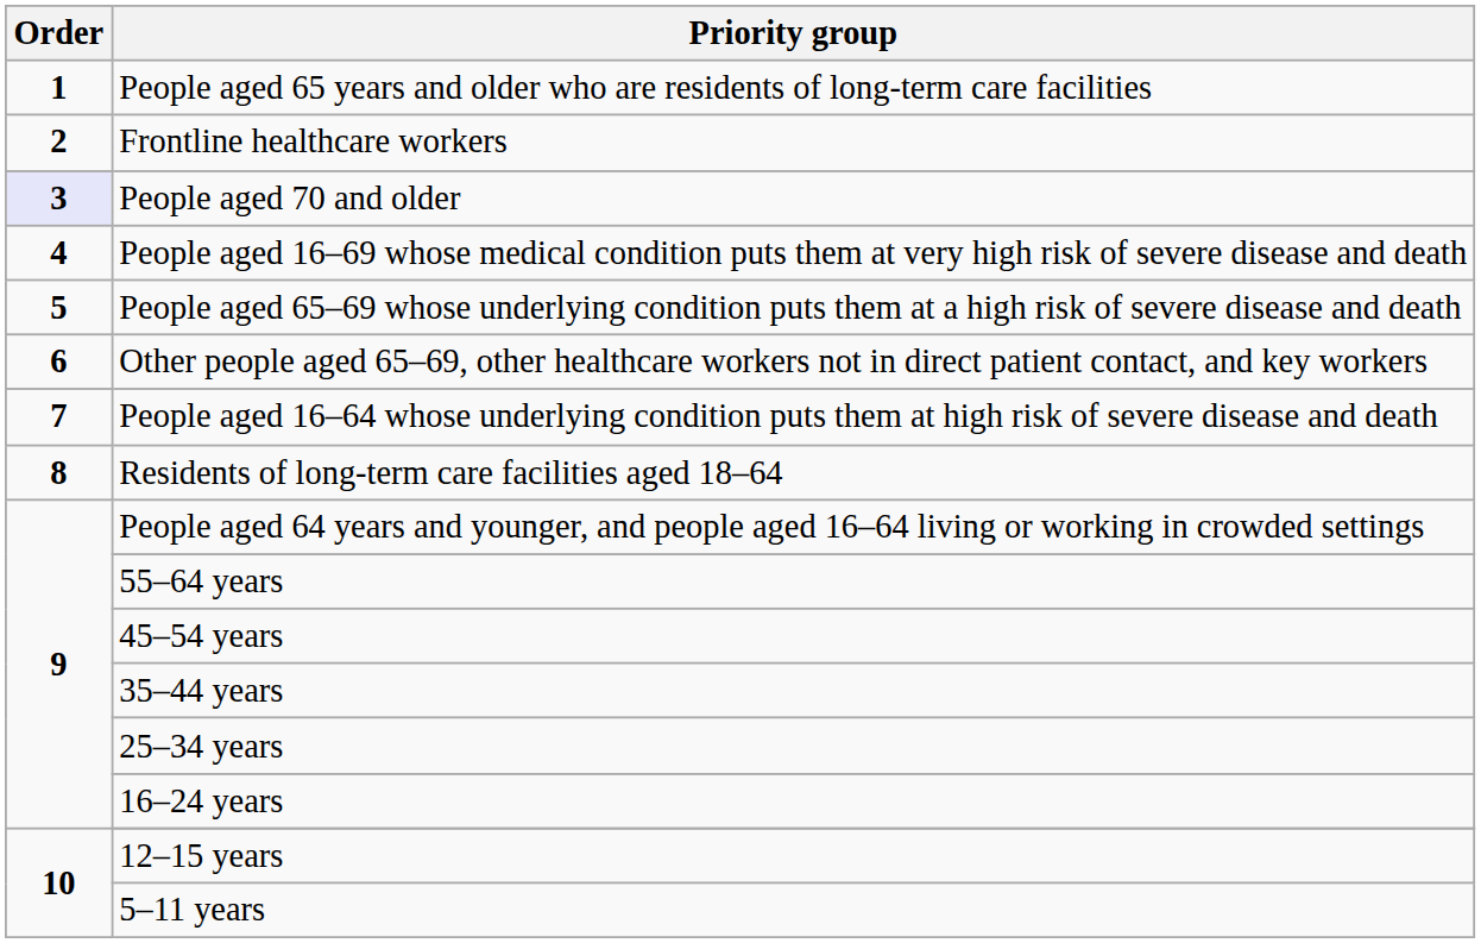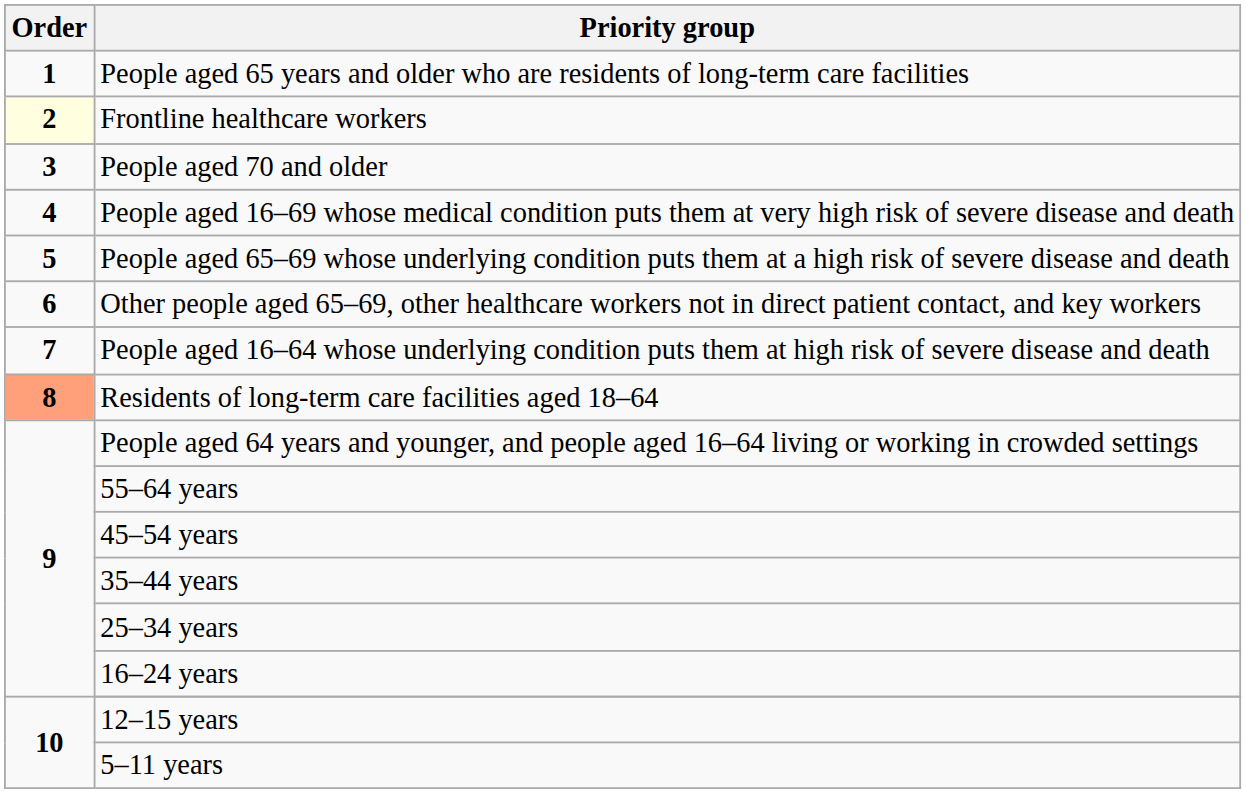 <table class="wikitable" style="text-align:left; font-size:97%">
 <tr>
 <th>Order</th>
 <th>Priority group</th>
 </tr>
 <tr>
 <td style="text-align:center;"><strong>1</strong></td>
 <td>People aged 65 years and older who are residents of long-term care facilities</td>
 </tr>
 <tr>
-<td style="text-align:center;"><strong>2</strong></td>
+<td style="background: lightyellow; text-align:center;"><strong>2</strong></td>
 <td>Frontline healthcare workers</td>
 </tr>
 <tr>
-<td style="background: lavender; text-align:center;"><strong>3</strong></td>
+<td style="text-align:center;"><strong>3</strong></td>
 <td>People aged 70 and older</td>
 </tr>
 <tr>
 <td style="text-align:center;"><strong>4</strong></td>
 <td>People aged 16–69 whose medical condition puts them at very high risk of severe disease and death</td>
 </tr>
 <tr>
 <td style="text-align:center;"><strong>5</strong></td>
 <td>People aged 65–69 whose underlying condition puts them at a high risk of severe disease and death</td>
 </tr>
 <tr>
 <td style="text-align:center;"><strong>6</strong></td>
 <td>Other people aged 65–69, other healthcare workers not in direct patient contact, and key workers</td>
 </tr>
 <tr>
 <td style="text-align:center;"><strong>7</strong></td>
 <td>People aged 16–64 whose underlying condition puts them at high risk of severe disease and death</td>
 </tr>
 <tr>
-<td style="text-align:center;"><strong>8</strong></td>
+<td style="background: lightsalmon; text-align:center;"><strong>8</strong></td>
 <td>Residents of long-term care facilities aged 18–64</td>
 </tr>
 <tr>
 <td rowspan="6" style="text-align:center;"><strong>9</strong></td>
 <td>People aged 64 years and younger, and people aged 16–64 living or working in crowded settings</td>
 </tr>
 <tr>
 <td>55–64 years</td>
 </tr>
 <tr>
 <td>45–54 years</td>
 </tr>
 <tr>
 <td>35–44 years</td>
 </tr>
 <tr>
 <td>25–34 years</td>
 </tr>
 <tr>
 <td>16–24 years</td>
 </tr>
 <tr>
 <td rowspan="3" style="text-align:center;"><strong>10</strong></td>
 </tr>
 <tr>
 <td>12–15 years</td>
 </tr>
 <tr>
 <td>5–11 years</td>
 </tr>
 </table>
